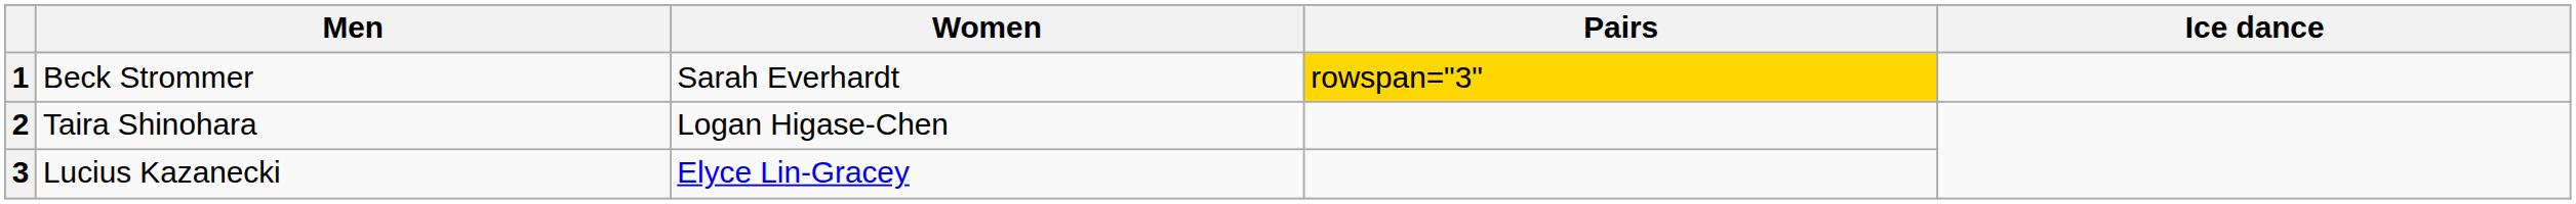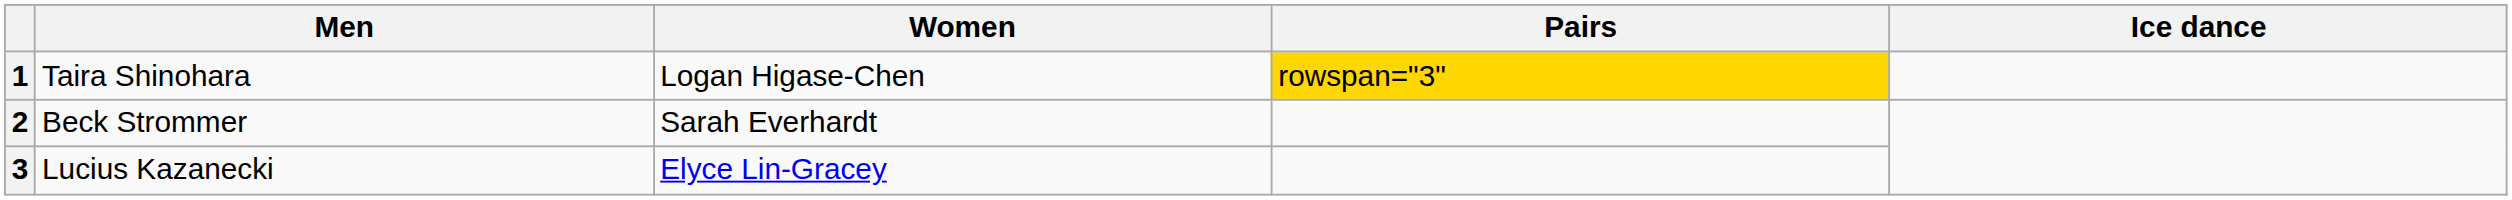 <table class="wikitable unsortable" style="text-align:left; width:85%">
 <tr>
 <th scope="col"></th>
 <th scope="col" style="width:25%">Men</th>
 <th scope="col" style="width:25%">Women</th>
 <th scope="col" style="width:25%">Pairs</th>
 <th scope="col" style="width:25%">Ice dance</th>
 </tr>
 <tr>
 <th scope="row">1</th>
-<td>Beck Strommer</td>
-<td>Sarah Everhardt</td>
+<td>Taira Shinohara</td>
+<td>Logan Higase-Chen</td>
 <td style="background: gold;">rowspan="3" </td>
 <td></td>
 </tr>
 <tr>
 <th scope="row">2</th>
-<td>Taira Shinohara</td>
-<td>Logan Higase-Chen</td>
+<td>Beck Strommer</td>
+<td>Sarah Everhardt</td>
 <td></td>
 </tr>
 <tr>
 <th scope="row">3</th>
 <td>Lucius Kazanecki</td>
 <td><a href='#'>Elyce Lin-Gracey</a></td>
 <td></td>
 </tr>
 </table>
